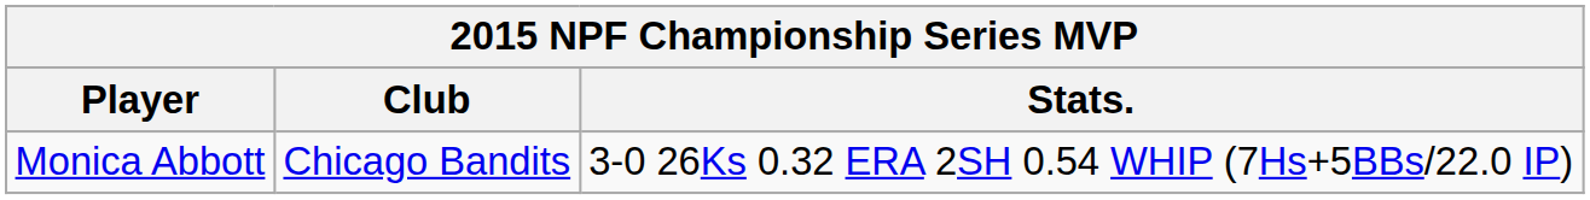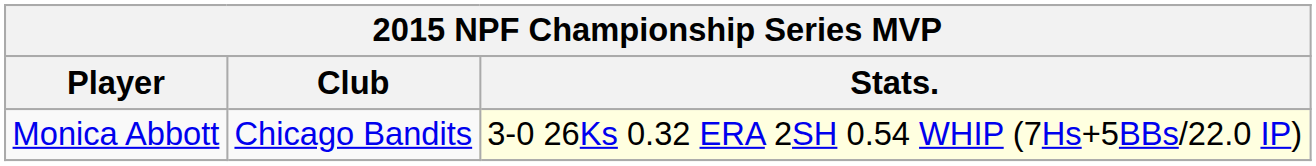 <table class="wikitable">
 <tr>
 <th colspan=3>2015 NPF Championship Series MVP</th>
 </tr>
 <tr>
 <th>Player</th>
 <th>Club</th>
 <th>Stats.</th>
 </tr>
 <tr>
 <td><a href='#'>Monica Abbott</a></td>
 <td><a href='#'>Chicago Bandits</a></td>
-<td>3-0 26<a href='#'>Ks</a> 0.32 <a href='#'>ERA</a> 2<a href='#'>SH</a> 0.54 <a href='#'>WHIP</a> (7<a href='#'>Hs</a>+5<a href='#'>BBs</a>/22.0 <a href='#'>IP</a>)</td>
+<td style="background: lightyellow;">3-0 26<a href='#'>Ks</a> 0.32 <a href='#'>ERA</a> 2<a href='#'>SH</a> 0.54 <a href='#'>WHIP</a> (7<a href='#'>Hs</a>+5<a href='#'>BBs</a>/22.0 <a href='#'>IP</a>)</td>
 </tr>
 </table>
